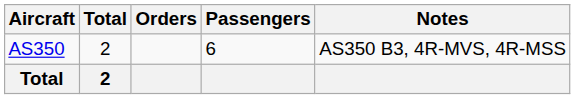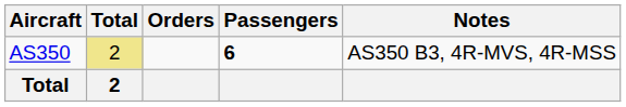 <table class="wikitable" style="margin:auto">
 <tr>
 <th>Aircraft</th>
 <th>Total</th>
 <th>Orders</th>
 <th>Passengers</th>
 <th>Notes</th>
 </tr>
 <tr>
 <td><a href='#'>AS350</a></td>
-<td align=center>2</td>
+<td align=center style="background: khaki;">2</td>
 <td></td>
-<td>6</td>
+<td><strong>6</strong></td>
 <td>AS350 B3, 4R-MVS, 4R-MSS</td>
 </tr>
 <tr>
 <th>Total</th>
 <th>2</th>
 <th></th>
 <th></th>
 <th colspan="2"></th>
 </tr>
 </table>
